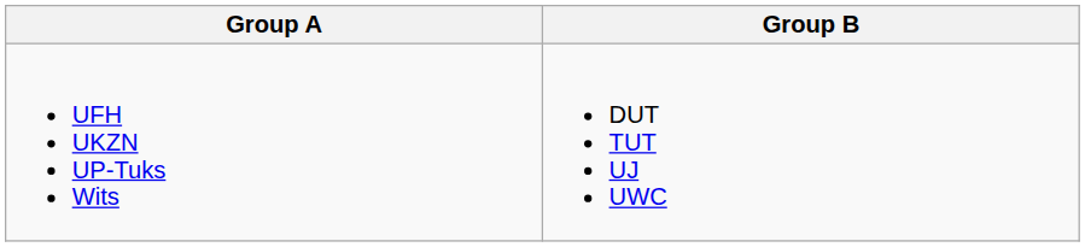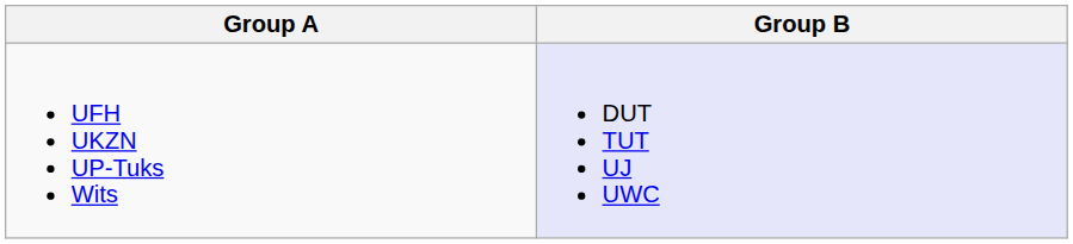 <table class="wikitable" style="width:80%;">
 <tr>
 <th width=25%>Group A</th>
 <th width=25%>Group B</th>
 </tr>
 <tr>
 <td><br><ul><li><a href='#'>UFH</a></li><li><a href='#'>UKZN</a></li><li><a href='#'>UP-Tuks</a></li><li><a href='#'>Wits</a></li></ul></td>
-<td><br><ul><li>DUT</li><li><a href='#'>TUT</a></li><li><a href='#'>UJ</a></li><li><a href='#'>UWC</a></li></ul></td>
+<td style="background: lavender;"><br><ul><li>DUT</li><li><a href='#'>TUT</a></li><li><a href='#'>UJ</a></li><li><a href='#'>UWC</a></li></ul></td>
 </tr>
 </table>
